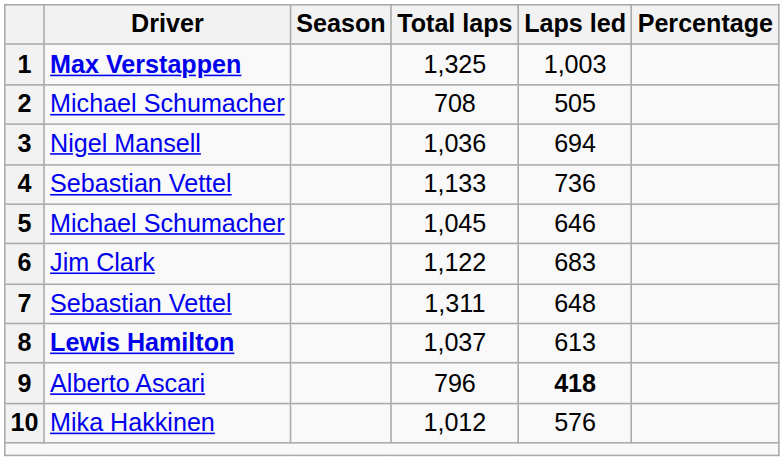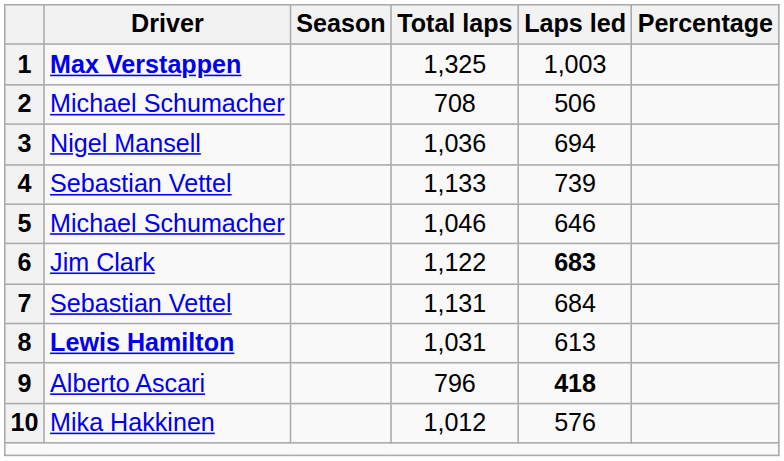 <table class="wikitable" style="text-align:center">
 <tr>
 <th></th>
 <th>Driver</th>
 <th>Season</th>
 <th>Total laps</th>
 <th>Laps led</th>
 <th>Percentage</th>
 </tr>
 <tr>
 <th>1</th>
 <td align=left> <strong><a href='#'>Max Verstappen</a></strong></td>
 <td></td>
 <td>1,325</td>
 <td>1,003</td>
 <td></td>
 </tr>
 <tr>
 <th>2</th>
 <td align=left> <a href='#'>Michael Schumacher</a></td>
 <td></td>
 <td>708</td>
-<td>505</td>
+<td>506</td>
 <td></td>
 </tr>
 <tr>
 <th>3</th>
 <td align=left> <a href='#'>Nigel Mansell</a></td>
 <td></td>
 <td>1,036</td>
 <td>694</td>
 <td></td>
 </tr>
 <tr>
 <th>4</th>
 <td align=left> <a href='#'>Sebastian Vettel</a></td>
 <td></td>
 <td>1,133</td>
-<td>736</td>
+<td>739</td>
 <td></td>
 </tr>
 <tr>
 <th>5</th>
 <td align=left> <a href='#'>Michael Schumacher</a></td>
 <td></td>
-<td>1,045</td>
+<td>1,046</td>
 <td>646</td>
 <td></td>
 </tr>
 <tr>
 <th>6</th>
 <td align=left> <a href='#'>Jim Clark</a></td>
 <td></td>
 <td>1,122</td>
-<td>683</td>
+<td><strong>683</strong></td>
 <td></td>
 </tr>
 <tr>
 <th>7</th>
 <td align=left> <a href='#'>Sebastian Vettel</a></td>
 <td></td>
-<td>1,311</td>
-<td>648</td>
+<td>1,131</td>
+<td>684</td>
 <td></td>
 </tr>
 <tr>
 <th>8</th>
 <td align=left> <strong><a href='#'>Lewis Hamilton</a></strong></td>
 <td></td>
-<td>1,037</td>
+<td>1,031</td>
 <td>613</td>
 <td></td>
 </tr>
 <tr>
 <th>9</th>
 <td align=left> <a href='#'>Alberto Ascari</a></td>
 <td></td>
 <td>796</td>
 <td><strong>418</strong></td>
 <td></td>
 </tr>
 <tr>
 <th>10</th>
 <td align=left> <a href='#'>Mika Hakkinen</a></td>
 <td></td>
 <td>1,012</td>
 <td>576</td>
 <td></td>
 </tr>
 <tr>
 <td colspan="6"></td>
 </tr>
 </table>
